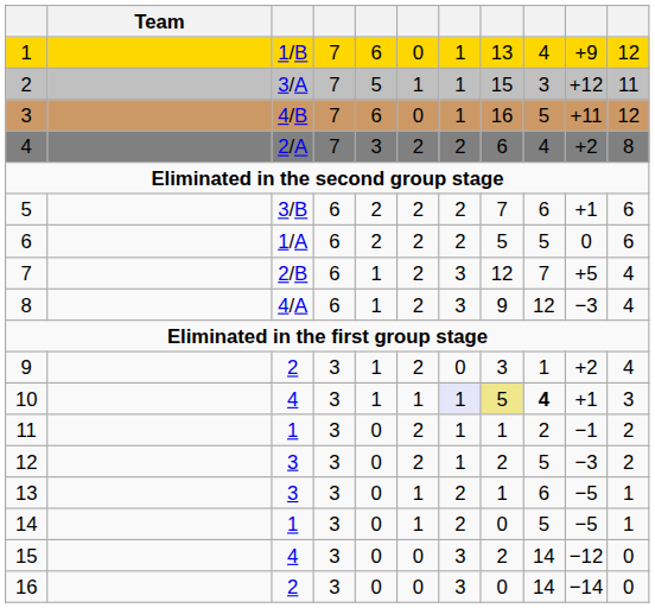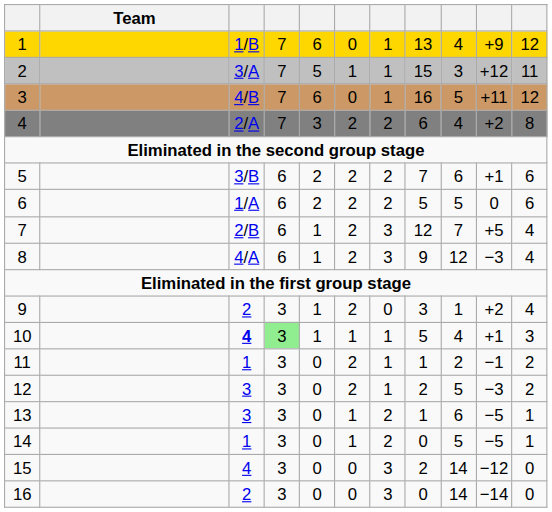 <table class="wikitable" style="font-size:95%;text-align:center">
 <tr>
 <th width=25></th>
 <th width=165>Team</th>
 <th width=25></th>
 <th width=25></th>
 <th width=25></th>
 <th width=25></th>
 <th width=25></th>
 <th width=25></th>
 <th width=25></th>
 <th width=25></th>
 <th width=25></th>
 </tr>
 <tr style="background:gold">
 <td>1</td>
 <td style="text-align:left"></td>
 <td><a href='#'>1</a>/<a href='#'>B</a></td>
 <td>7</td>
 <td>6</td>
 <td>0</td>
 <td>1</td>
 <td>13</td>
 <td>4</td>
 <td>+9</td>
 <td>12</td>
 </tr>
 <tr style="background:silver">
 <td>2</td>
 <td style="text-align:left"></td>
 <td><a href='#'>3</a>/<a href='#'>A</a></td>
 <td>7</td>
 <td>5</td>
 <td>1</td>
 <td>1</td>
 <td>15</td>
 <td>3</td>
 <td>+12</td>
 <td>11</td>
 </tr>
 <tr style="background:#c96">
 <td>3</td>
 <td style="text-align:left"></td>
 <td><a href='#'>4</a>/<a href='#'>B</a></td>
 <td>7</td>
 <td>6</td>
 <td>0</td>
 <td>1</td>
 <td>16</td>
 <td>5</td>
 <td>+11</td>
 <td>12</td>
 </tr>
 <tr style="background:gray">
 <td>4</td>
 <td style="text-align:left"></td>
 <td><a href='#'>2</a>/<a href='#'>A</a></td>
 <td>7</td>
 <td>3</td>
 <td>2</td>
 <td>2</td>
 <td>6</td>
 <td>4</td>
 <td>+2</td>
 <td>8</td>
 </tr>
 <tr>
 <td colspan="11"><strong>Eliminated in the second group stage</strong></td>
 </tr>
 <tr>
 <td>5</td>
 <td style="text-align:left"></td>
 <td><a href='#'>3</a>/<a href='#'>B</a></td>
 <td>6</td>
 <td>2</td>
 <td>2</td>
 <td>2</td>
 <td>7</td>
 <td>6</td>
 <td>+1</td>
 <td>6</td>
 </tr>
 <tr>
 <td>6</td>
 <td style="text-align:left"></td>
 <td><a href='#'>1</a>/<a href='#'>A</a></td>
 <td>6</td>
 <td>2</td>
 <td>2</td>
 <td>2</td>
 <td>5</td>
 <td>5</td>
 <td>0</td>
 <td>6</td>
 </tr>
 <tr>
 <td>7</td>
 <td style="text-align:left"></td>
 <td><a href='#'>2</a>/<a href='#'>B</a></td>
 <td>6</td>
 <td>1</td>
 <td>2</td>
 <td>3</td>
 <td>12</td>
 <td>7</td>
 <td>+5</td>
 <td>4</td>
 </tr>
 <tr>
 <td>8</td>
 <td style="text-align:left"></td>
 <td><a href='#'>4</a>/<a href='#'>A</a></td>
 <td>6</td>
 <td>1</td>
 <td>2</td>
 <td>3</td>
 <td>9</td>
 <td>12</td>
 <td>−3</td>
 <td>4</td>
 </tr>
 <tr>
 <td colspan="11"><strong>Eliminated in the first group stage</strong></td>
 </tr>
 <tr>
 <td>9</td>
 <td style="text-align:left"></td>
 <td><a href='#'>2</a></td>
 <td>3</td>
 <td>1</td>
 <td>2</td>
 <td>0</td>
 <td>3</td>
 <td>1</td>
 <td>+2</td>
 <td>4</td>
 </tr>
 <tr>
 <td>10</td>
 <td style="text-align:left"></td>
-<td><a href='#'>4</a></td>
-<td>3</td>
+<td><strong><a href='#'>4</a></strong></td>
+<td style="background: lightgreen;">3</td>
 <td>1</td>
 <td>1</td>
-<td style="background: lavender;">1</td>
-<td style="background: khaki;">5</td>
-<td><strong>4</strong></td>
+<td>1</td>
+<td>5</td>
+<td>4</td>
 <td>+1</td>
 <td>3</td>
 </tr>
 <tr>
 <td>11</td>
 <td style="text-align:left"></td>
 <td><a href='#'>1</a></td>
 <td>3</td>
 <td>0</td>
 <td>2</td>
 <td>1</td>
 <td>1</td>
 <td>2</td>
 <td>−1</td>
 <td>2</td>
 </tr>
 <tr>
 <td>12</td>
 <td style="text-align:left"></td>
 <td><a href='#'>3</a></td>
 <td>3</td>
 <td>0</td>
 <td>2</td>
 <td>1</td>
 <td>2</td>
 <td>5</td>
 <td>−3</td>
 <td>2</td>
 </tr>
 <tr>
 <td>13</td>
 <td style="text-align:left"></td>
 <td><a href='#'>3</a></td>
 <td>3</td>
 <td>0</td>
 <td>1</td>
 <td>2</td>
 <td>1</td>
 <td>6</td>
 <td>−5</td>
 <td>1</td>
 </tr>
 <tr>
 <td>14</td>
 <td style="text-align:left"></td>
 <td><a href='#'>1</a></td>
 <td>3</td>
 <td>0</td>
 <td>1</td>
 <td>2</td>
 <td>0</td>
 <td>5</td>
 <td>−5</td>
 <td>1</td>
 </tr>
 <tr>
 <td>15</td>
 <td style="text-align:left"></td>
 <td><a href='#'>4</a></td>
 <td>3</td>
 <td>0</td>
 <td>0</td>
 <td>3</td>
 <td>2</td>
 <td>14</td>
 <td>−12</td>
 <td>0</td>
 </tr>
 <tr>
 <td>16</td>
 <td style="text-align:left"></td>
 <td><a href='#'>2</a></td>
 <td>3</td>
 <td>0</td>
 <td>0</td>
 <td>3</td>
 <td>0</td>
 <td>14</td>
 <td>−14</td>
 <td>0</td>
 </tr>
 </table>
